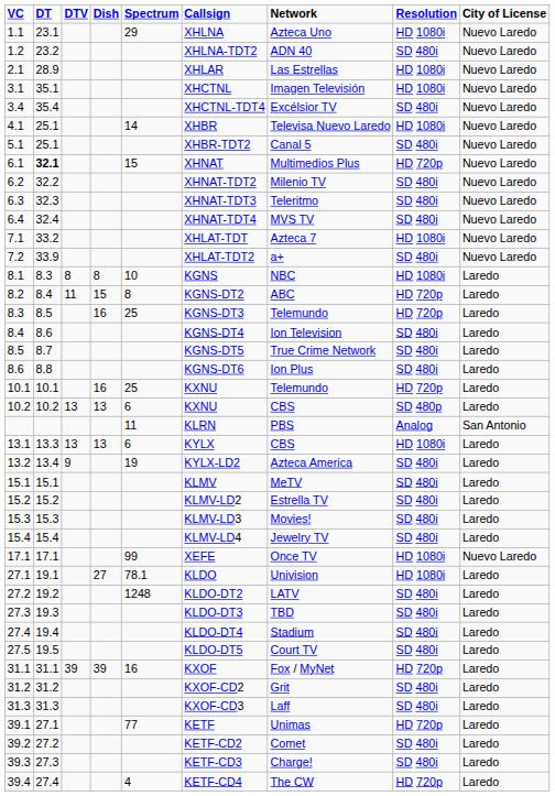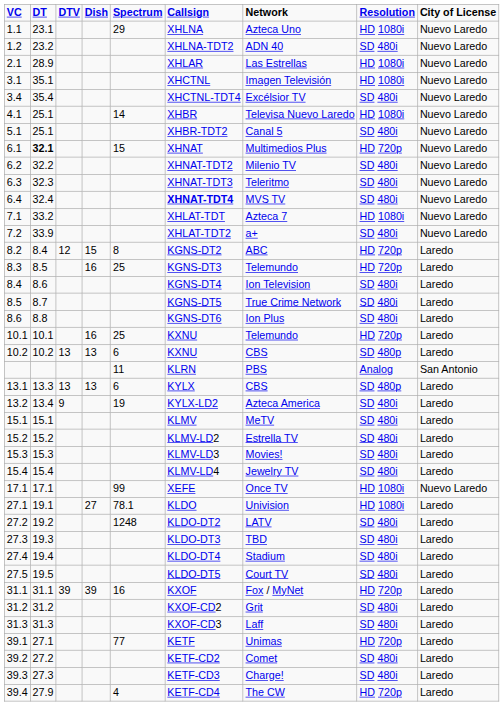 <table class="sortable wikitable" style="margin: 1em 1em 1em 0; background: #f9f9f9; border: 1px #aaa solid; border-collapse: collapse">
 <tr>
 <td><strong><a href='#'>VC</a></strong></td>
 <td><strong><a href='#'>DT</a></strong></td>
 <td><strong><a href='#'>DTV</a></strong></td>
 <td><strong><a href='#'>Dish</a></strong></td>
 <td><strong><a href='#'>Spectrum</a></strong></td>
 <td><strong><a href='#'>Callsign</a></strong></td>
 <td><strong>Network</strong></td>
 <td><strong><a href='#'>Resolution</a></strong></td>
 <td><strong>City of License</strong></td>
 </tr>
 <tr style="vertical-align: top; text-align: left;"|>
 <td>1.1</td>
 <td>23.1</td>
 <td></td>
 <td></td>
 <td>29</td>
 <td><a href='#'>XHLNA</a></td>
 <td><a href='#'>Azteca Uno</a></td>
 <td><a href='#'>HD</a> <a href='#'>1080i</a></td>
 <td>Nuevo Laredo</td>
 </tr>
 <tr style="vertical-align: top; text-align: left;"|>
 <td>1.2</td>
 <td>23.2</td>
 <td></td>
 <td></td>
 <td></td>
 <td><a href='#'>XHLNA-TDT2</a></td>
 <td><a href='#'>ADN 40</a></td>
 <td><a href='#'>SD</a> <a href='#'>480i</a></td>
 <td>Nuevo Laredo</td>
 </tr>
 <tr style="vertical-align: top; text-align: left;"|>
 <td>2.1</td>
 <td>28.9</td>
 <td></td>
 <td></td>
 <td></td>
 <td><a href='#'>XHLAR</a></td>
 <td><a href='#'>Las Estrellas</a></td>
 <td><a href='#'>HD</a> <a href='#'>1080i</a></td>
 <td>Nuevo Laredo</td>
 </tr>
 <tr style="vertical-align: top; text-align: left;">
 <td>3.1</td>
 <td>35.1</td>
 <td></td>
 <td></td>
 <td></td>
 <td><a href='#'>XHCTNL</a></td>
 <td><a href='#'>Imagen Televisión</a></td>
 <td><a href='#'>HD</a> <a href='#'>1080i</a></td>
 <td>Nuevo Laredo</td>
 </tr>
 <tr style="vertical-align: top; text-align: left">
 <td>3.4</td>
 <td>35.4</td>
 <td></td>
 <td></td>
 <td></td>
 <td><a href='#'>XHCTNL-TDT4</a></td>
 <td><a href='#'>Excélsior TV</a></td>
 <td><a href='#'>SD</a> <a href='#'>480i</a></td>
 <td>Nuevo Laredo</td>
 </tr>
 <tr style="vertical-align: top; text-align: left;">
 <td>4.1</td>
 <td>25.1</td>
 <td></td>
 <td></td>
 <td>14</td>
 <td><a href='#'>XHBR</a></td>
 <td><a href='#'>Televisa Nuevo Laredo</a></td>
 <td><a href='#'>HD</a> <a href='#'>1080i</a></td>
 <td>Nuevo Laredo</td>
 </tr>
 <tr style="vertical-align: top; text-align: left;">
 <td>5.1</td>
 <td>25.1</td>
 <td></td>
 <td></td>
 <td></td>
 <td><a href='#'>XHBR-TDT2</a></td>
 <td><a href='#'>Canal 5</a></td>
 <td><a href='#'>SD</a> <a href='#'>480i</a></td>
 <td>Nuevo Laredo</td>
 </tr>
 <tr style="vertical-align: top; text-align: left;">
 <td>6.1</td>
 <td><strong>32.1</strong></td>
 <td></td>
 <td></td>
 <td>15</td>
 <td><a href='#'>XHNAT</a></td>
 <td><a href='#'>Multimedios Plus</a></td>
 <td><a href='#'>HD</a> <a href='#'>720p</a></td>
 <td>Nuevo Laredo</td>
 </tr>
 <tr style="vertical-align: top; text-align: left;"|>
 <td>6.2</td>
 <td>32.2</td>
 <td></td>
 <td></td>
 <td></td>
 <td><a href='#'>XHNAT-TDT2</a></td>
 <td><a href='#'>Milenio TV</a></td>
 <td><a href='#'>SD</a> <a href='#'>480i</a></td>
 <td>Nuevo Laredo</td>
 </tr>
 <tr style="vertical-align: top; text-align: left;"|>
 <td>6.3</td>
 <td>32.3</td>
 <td></td>
 <td></td>
 <td></td>
 <td><a href='#'>XHNAT-TDT3</a></td>
 <td><a href='#'>Teleritmo</a></td>
 <td><a href='#'>SD</a> <a href='#'>480i</a></td>
 <td>Nuevo Laredo</td>
 </tr>
 <tr style="vertical-align: top; text-align: left;"|>
 <td>6.4</td>
 <td>32.4</td>
 <td></td>
 <td></td>
 <td></td>
-<td><a href='#'>XHNAT-TDT4</a></td>
+<td><strong><a href='#'>XHNAT-TDT4</a></strong></td>
 <td><a href='#'>MVS TV</a></td>
 <td><a href='#'>SD</a> <a href='#'>480i</a></td>
 <td>Nuevo Laredo</td>
 </tr>
 <tr style="vertical-align: top; text-align: left;"|>
 <td>7.1</td>
 <td>33.2</td>
 <td></td>
 <td></td>
 <td></td>
 <td><a href='#'>XHLAT-TDT</a></td>
 <td><a href='#'>Azteca 7</a></td>
 <td><a href='#'>HD</a> <a href='#'>1080i</a></td>
 <td>Nuevo Laredo</td>
 </tr>
 <tr style="vertical-align: top; text-align: left;"|>
 <td>7.2</td>
 <td>33.9</td>
 <td></td>
 <td></td>
 <td></td>
 <td><a href='#'>XHLAT-TDT2</a></td>
 <td><a href='#'>a+</a></td>
 <td><a href='#'>SD</a> <a href='#'>480i</a></td>
 <td>Nuevo Laredo</td>
 </tr>
 <tr style="vertical-align: top; text-align: left;">
-<td>8.1</td>
-<td>8.3</td>
-<td>8</td>
-<td>8</td>
-<td>10</td>
-<td><a href='#'>KGNS</a></td>
-<td><a href='#'>NBC</a></td>
-<td><a href='#'>HD</a> <a href='#'>1080i</a></td>
-<td>Laredo</td>
-</tr>
-<tr style="vertical-align: top; text-align: left;">
 <td>8.2</td>
 <td>8.4</td>
-<td>11</td>
+<td>12</td>
 <td>15</td>
 <td>8</td>
 <td><a href='#'>KGNS-DT2</a></td>
 <td><a href='#'>ABC</a></td>
 <td><a href='#'>HD</a> <a href='#'>720p</a></td>
 <td>Laredo</td>
 </tr>
 <tr style="vertical-align: top; text-align: left;">
 <td>8.3</td>
 <td>8.5</td>
 <td></td>
 <td>16</td>
 <td>25</td>
 <td><a href='#'>KGNS-DT3</a></td>
 <td><a href='#'>Telemundo</a></td>
 <td><a href='#'>HD</a> <a href='#'>720p</a></td>
 <td>Laredo</td>
 </tr>
 <tr style="vertical-align: top; text-align: left;">
 <td>8.4</td>
 <td>8.6</td>
 <td></td>
 <td></td>
 <td></td>
 <td><a href='#'>KGNS-DT4</a></td>
 <td><a href='#'>Ion Television</a></td>
 <td><a href='#'>SD</a> <a href='#'>480i</a></td>
 <td>Laredo</td>
 </tr>
 <tr style="vertical-align: top; text-align: left;">
 <td>8.5</td>
 <td>8.7</td>
 <td></td>
 <td></td>
 <td></td>
 <td><a href='#'>KGNS-DT5</a></td>
 <td><a href='#'>True Crime Network</a></td>
 <td><a href='#'>SD</a> <a href='#'>480i</a></td>
 <td>Laredo</td>
 </tr>
 <tr style="vertical-align: top; text-align: left;">
 <td>8.6</td>
 <td>8.8</td>
 <td></td>
 <td></td>
 <td></td>
 <td><a href='#'>KGNS-DT6</a></td>
 <td><a href='#'>Ion Plus</a></td>
 <td><a href='#'>SD</a> <a href='#'>480i</a></td>
 <td>Laredo</td>
 </tr>
 <tr style="vertical-align: top; text-align: left;">
 <td>10.1</td>
 <td>10.1</td>
 <td></td>
 <td>16</td>
 <td>25</td>
 <td><a href='#'>KXNU</a></td>
 <td><a href='#'>Telemundo</a></td>
 <td><a href='#'>HD</a> <a href='#'>720p</a></td>
 <td>Laredo</td>
 </tr>
 <tr style="vertical-align: top; text-align: left;">
 <td>10.2</td>
 <td>10.2</td>
 <td>13</td>
 <td>13</td>
 <td>6</td>
 <td><a href='#'>KXNU</a></td>
 <td><a href='#'>CBS</a></td>
 <td><a href='#'>SD</a> <a href='#'>480p</a></td>
 <td>Laredo</td>
 </tr>
 <tr style="vertical-align: top; text-align: left;">
 <td></td>
 <td></td>
 <td></td>
 <td></td>
 <td>11</td>
 <td><a href='#'>KLRN</a></td>
 <td><a href='#'>PBS</a></td>
 <td><a href='#'>Analog</a></td>
 <td>San Antonio</td>
 </tr>
 <tr style="vertical-align: top; text-align: left;"|>
 <td>13.1</td>
 <td>13.3</td>
 <td>13</td>
 <td>13</td>
 <td>6</td>
 <td><a href='#'>KYLX</a></td>
 <td><a href='#'>CBS</a></td>
-<td><a href='#'>HD</a> <a href='#'>1080i</a></td>
+<td><a href='#'>SD</a> <a href='#'>480p</a></td>
 <td>Laredo</td>
 </tr>
 <tr style="vertical-align: top; text-align: left;"|>
 <td>13.2</td>
 <td>13.4</td>
 <td>9</td>
 <td></td>
 <td>19</td>
 <td><a href='#'>KYLX-LD2</a></td>
 <td><a href='#'>Azteca America</a></td>
 <td><a href='#'>SD</a> <a href='#'>480i</a></td>
 <td>Laredo</td>
 </tr>
 <tr style="vertical-align: top; text-align: left;">
 <td>15.1</td>
 <td>15.1</td>
 <td></td>
 <td></td>
 <td></td>
 <td><a href='#'>KLMV</a></td>
 <td><a href='#'>MeTV</a></td>
 <td><a href='#'>SD</a> <a href='#'>480i</a></td>
 <td>Laredo</td>
 </tr>
 <tr style="vertical-align: top; text-align: left;">
 <td>15.2</td>
 <td>15.2</td>
 <td></td>
 <td></td>
 <td></td>
 <td><a href='#'>KLMV-LD</a>2</td>
 <td><a href='#'>Estrella TV</a></td>
 <td><a href='#'>SD</a> <a href='#'>480i</a></td>
 <td>Laredo</td>
 </tr>
 <tr style="vertical-align: top; text-align: left;">
 <td>15.3</td>
 <td>15.3</td>
 <td></td>
 <td></td>
 <td></td>
 <td><a href='#'>KLMV-LD</a>3</td>
 <td><a href='#'>Movies!</a></td>
 <td><a href='#'>SD</a> <a href='#'>480i</a></td>
 <td>Laredo</td>
 </tr>
 <tr style="vertical-align: top; text-align: left;">
 <td>15.4</td>
 <td>15.4</td>
 <td></td>
 <td></td>
 <td></td>
 <td><a href='#'>KLMV-LD</a>4</td>
 <td><a href='#'>Jewelry TV</a></td>
 <td><a href='#'>SD</a> <a href='#'>480i</a></td>
 <td>Laredo</td>
 </tr>
 <tr style="vertical-align: top; text-align: left;">
 <td>17.1</td>
 <td>17.1</td>
 <td></td>
 <td></td>
 <td>99</td>
 <td><a href='#'>XEFE</a></td>
 <td><a href='#'>Once TV</a></td>
 <td><a href='#'>HD</a> <a href='#'>1080i</a></td>
 <td>Nuevo Laredo</td>
 </tr>
 <tr style="vertical-align: top; text-align: left;"|>
 <td>27.1</td>
 <td>19.1</td>
 <td></td>
 <td>27</td>
 <td>78.1</td>
 <td><a href='#'>KLDO</a></td>
 <td><a href='#'>Univision</a></td>
 <td><a href='#'>HD</a> <a href='#'>1080i</a></td>
 <td>Laredo</td>
 </tr>
 <tr style="vertical-align: top; text-align: left;"|>
 <td>27.2</td>
 <td>19.2</td>
 <td></td>
 <td></td>
 <td>1248</td>
 <td><a href='#'>KLDO-DT2</a></td>
 <td><a href='#'>LATV</a></td>
 <td><a href='#'>SD</a> <a href='#'>480i</a></td>
 <td>Laredo</td>
 </tr>
 <tr style="vertical-align: top; text-align: left;"|>
 <td>27.3</td>
 <td>19.3</td>
 <td></td>
 <td></td>
 <td></td>
 <td><a href='#'>KLDO-DT3</a></td>
 <td><a href='#'>TBD</a></td>
 <td><a href='#'>SD</a> <a href='#'>480i</a></td>
 <td>Laredo</td>
 </tr>
 <tr style="vertical-align: top; text-align: left;"|>
 <td>27.4</td>
 <td>19.4</td>
 <td></td>
 <td></td>
 <td></td>
 <td><a href='#'>KLDO-DT4</a></td>
 <td><a href='#'>Stadium</a></td>
 <td><a href='#'>SD</a> <a href='#'>480i</a></td>
 <td>Laredo</td>
 </tr>
 <tr style="vertical-align: top; text-align: left;"|>
 <td>27.5</td>
 <td>19.5</td>
 <td></td>
 <td></td>
 <td></td>
 <td><a href='#'>KLDO-DT5</a></td>
 <td><a href='#'>Court TV</a></td>
 <td><a href='#'>SD</a> <a href='#'>480i</a></td>
 <td>Laredo</td>
 </tr>
 <tr style="vertical-align: top; text-align: left;"|>
 <td>31.1</td>
 <td>31.1</td>
 <td>39</td>
 <td>39</td>
 <td>16</td>
 <td><a href='#'>KXOF</a></td>
 <td><a href='#'>Fox</a> / <a href='#'>MyNet</a></td>
 <td><a href='#'>HD</a> <a href='#'>720p</a></td>
 <td>Laredo</td>
 </tr>
 <tr style="vertical-align: top; text-align: left;"|>
 <td>31.2</td>
 <td>31.2</td>
 <td></td>
 <td></td>
 <td></td>
 <td><a href='#'>KXOF-CD</a>2</td>
 <td><a href='#'>Grit</a></td>
 <td><a href='#'>SD</a> <a href='#'>480i</a></td>
 <td>Laredo</td>
 </tr>
 <tr style="vertical-align: top; text-align: left;"|>
 <td>31.3</td>
 <td>31.3</td>
 <td></td>
 <td></td>
 <td></td>
 <td><a href='#'>KXOF-CD</a>3</td>
 <td><a href='#'>Laff</a></td>
 <td><a href='#'>SD</a> <a href='#'>480i</a></td>
 <td>Laredo</td>
 </tr>
 <tr style="vertical-align: top; text-align: left;"|>
 <td>39.1</td>
 <td>27.1</td>
 <td></td>
 <td></td>
 <td>77</td>
 <td><a href='#'>KETF</a></td>
 <td><a href='#'>Unimas</a></td>
 <td><a href='#'>HD</a> <a href='#'>720p</a></td>
 <td>Laredo</td>
 </tr>
 <tr style="vertical-align: top; text-align: left;">
 <td>39.2</td>
 <td>27.2</td>
 <td></td>
 <td></td>
 <td></td>
 <td><a href='#'>KETF-CD2</a></td>
 <td><a href='#'>Comet</a></td>
 <td><a href='#'>SD</a> <a href='#'>480i</a></td>
 <td>Laredo</td>
 </tr>
 <tr style="vertical-align: top; text-align: left;">
 <td>39.3</td>
 <td>27.3</td>
 <td></td>
 <td></td>
 <td></td>
 <td><a href='#'>KETF-CD3</a></td>
 <td><a href='#'>Charge!</a></td>
 <td><a href='#'>SD</a> <a href='#'>480i</a></td>
 <td>Laredo</td>
 </tr>
 <tr style="vertical-align: top; text-align: left;"|>
 <td>39.4</td>
-<td>27.4</td>
+<td>27.9</td>
 <td></td>
 <td></td>
 <td>4</td>
 <td><a href='#'>KETF-CD4</a></td>
 <td><a href='#'>The CW</a></td>
 <td><a href='#'>HD</a> <a href='#'>720p</a></td>
 <td>Laredo</td>
 </tr>
 </table>
